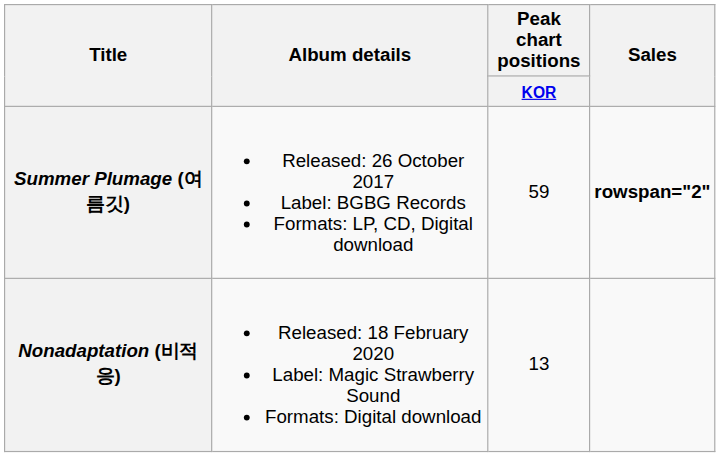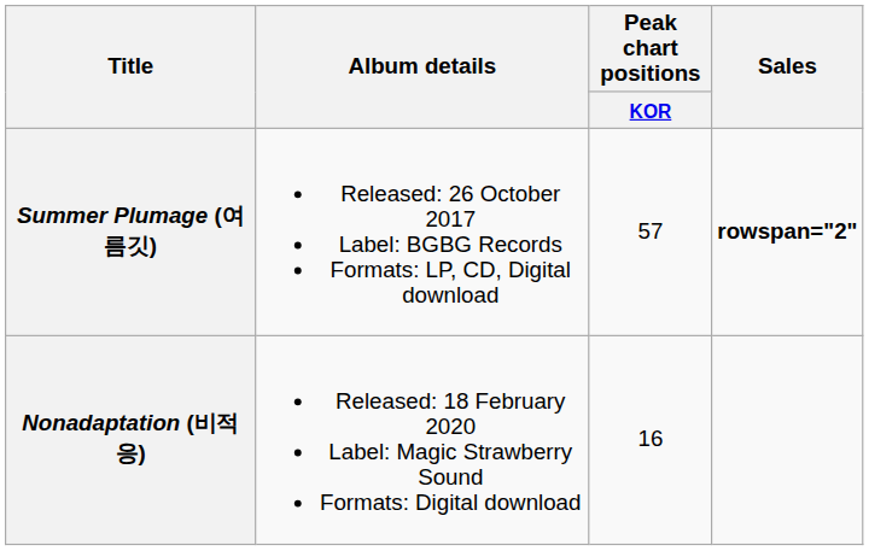 <table class="wikitable plainrowheaders" style="text-align:center;">
 <tr>
 <th scope="col" rowspan="2">Title</th>
 <th scope="col" rowspan="2">Album details</th>
 <th scope="col" colspan="1" style="width:5em;">Peak chart positions</th>
 <th scope="col" rowspan="2">Sales</th>
 </tr>
 <tr>
 <th><small><a href='#'>KOR</a></small><br></th>
 </tr>
 <tr>
 <th scope="row"><em>Summer Plumage</em> (여름깃)</th>
 <td><br><ul><li>Released: 26 October 2017</li><li>Label: BGBG Records</li><li>Formats: LP, CD, Digital download</li></ul></td>
-<td>59</td>
+<td>57</td>
 <td><strong>rowspan="2" </strong></td>
 </tr>
 <tr>
 <th scope="row"><em>Nonadaptation</em> (비적응)</th>
 <td><br><ul><li>Released: 18 February 2020</li><li>Label: Magic Strawberry Sound</li><li>Formats: Digital download</li></ul></td>
-<td>13</td>
+<td>16</td>
 </tr>
 </table>
